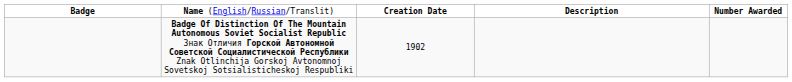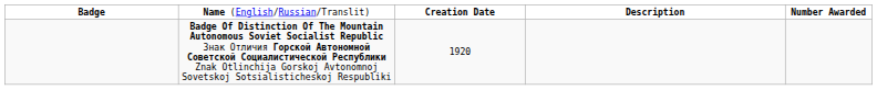 <table class="wikitable" width="100%" style="text-align:center;">
 <tr>
 <td width="20%" bgcolor="#FFFFFF"><strong>Badge</strong></td>
 <td width="25%" bgcolor="#FFFFFF"><strong>Name</strong> (<a href='#'>English</a>/<a href='#'>Russian</a>/Translit)</td>
 <td width="15%" bgcolor="#FFFFFF"><strong>Creation Date</strong></td>
 <td width="30%" bgcolor="#FFFFFF"><strong>Description</strong></td>
 <td width="10%" bgcolor="#FFFFFF"><strong>Number Awarded</strong></td>
 </tr>
 <tr>
 <td></td>
 <td><strong>Badge Of Distinction Of The Mountain Autonomous Soviet Socialist Republic</strong><br>Знак Отличия <strong>Горской Автономной Советской Социалистической Республики</strong><br>Znak Otlinchija Gorskoj Avtonomnoj Sovetskoj Sotsialisticheskoj Respubliki</td>
-<td>1902</td>
+<td>1920</td>
 <td></td>
 <td></td>
 </tr>
 </table>
